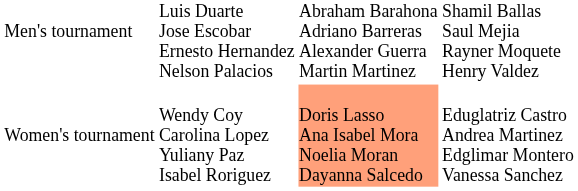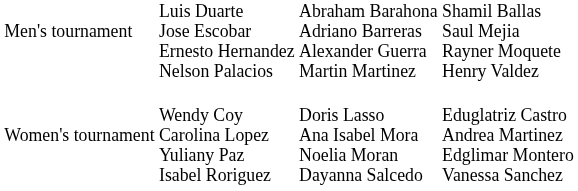 <table>
 <tr>
 <td>Men's tournament</td>
 <td nowrap><br>Luis Duarte<br>Jose Escobar<br>Ernesto Hernandez<br>Nelson Palacios</td>
 <td nowrap><br>Abraham Barahona<br>Adriano Barreras<br>Alexander Guerra<br>Martin Martinez</td>
 <td nowrap><br>Shamil Ballas<br>Saul Mejia<br>Rayner Moquete<br>Henry Valdez</td>
 </tr>
 <tr>
 <td>Women's tournament</td>
 <td><br>Wendy Coy<br>Carolina Lopez<br>Yuliany Paz<br>Isabel Roriguez</td>
-<td style="background: lightsalmon;"><br>Doris Lasso<br>Ana Isabel Mora<br>Noelia Moran<br>Dayanna Salcedo</td>
+<td><br>Doris Lasso<br>Ana Isabel Mora<br>Noelia Moran<br>Dayanna Salcedo</td>
 <td><br>Eduglatriz Castro<br>Andrea Martinez<br>Edglimar Montero<br>Vanessa Sanchez</td>
 </tr>
 </table>
